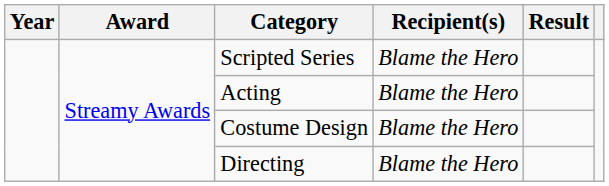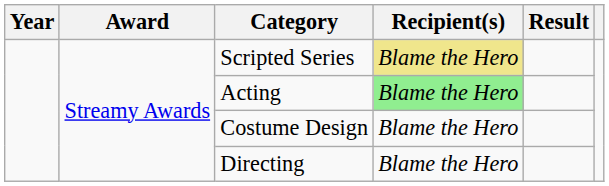 <table class="wikitable sortable">
 <tr>
 <th>Year</th>
 <th>Award</th>
 <th>Category</th>
 <th>Recipient(s)</th>
 <th>Result</th>
 <th scope="col" class="unsortable"></th>
 </tr>
 <tr>
 <td rowspan=4></td>
 <td rowspan=4><a href='#'>Streamy Awards</a></td>
 <td>Scripted Series</td>
-<td><em>Blame the Hero</em></td>
+<td style="background: khaki;"><em>Blame the Hero</em></td>
 <td></td>
 <td rowspan=4></td>
 </tr>
 <tr>
 <td>Acting</td>
-<td><em>Blame the Hero</em></td>
+<td style="background: lightgreen;"><em>Blame the Hero</em></td>
 <td></td>
 </tr>
 <tr>
 <td>Costume Design</td>
 <td><em>Blame the Hero</em></td>
 <td></td>
 </tr>
 <tr>
 <td>Directing</td>
 <td><em>Blame the Hero</em></td>
 <td></td>
 </tr>
 </table>
